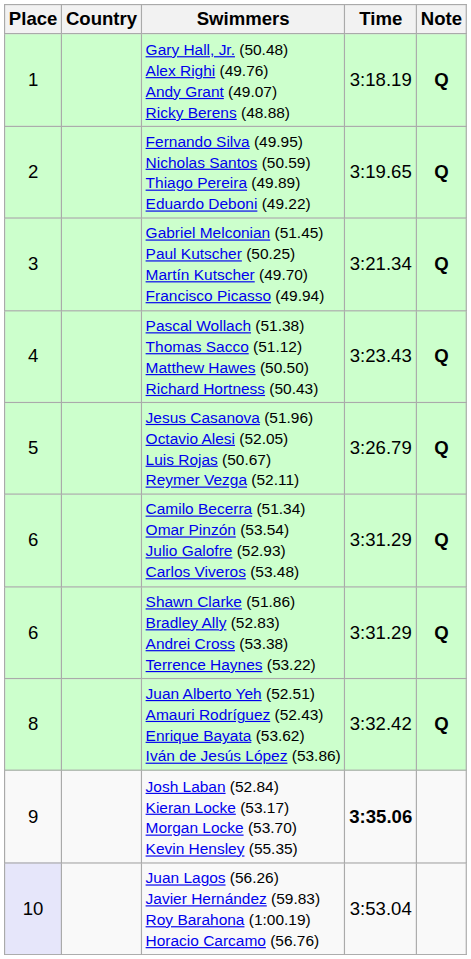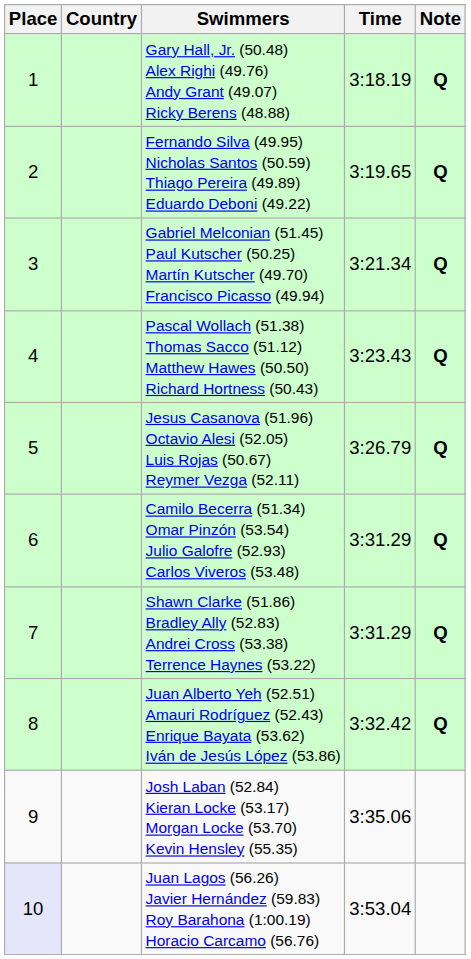 <table class="wikitable" style="text-align:center">
 <tr>
 <th>Place</th>
 <th>Country</th>
 <th>Swimmers</th>
 <th>Time</th>
 <th>Note</th>
 </tr>
 <tr bgcolor=ccffcc>
 <td>1</td>
 <td align=left></td>
 <td align=left><small> <a href='#'>Gary Hall, Jr.</a> (50.48)<br> <a href='#'>Alex Righi</a> (49.76) <br> <a href='#'>Andy Grant</a> (49.07) <br> <a href='#'>Ricky Berens</a> (48.88) </small></td>
 <td>3:18.19</td>
 <td><strong>Q</strong></td>
 </tr>
 <tr bgcolor=ccffcc>
 <td>2</td>
 <td align=left></td>
 <td align=left><small> <a href='#'>Fernando Silva</a> (49.95) <br> <a href='#'>Nicholas Santos</a> (50.59) <br> <a href='#'>Thiago Pereira</a> (49.89) <br> <a href='#'>Eduardo Deboni</a> (49.22)</small></td>
 <td>3:19.65</td>
 <td><strong>Q</strong></td>
 </tr>
 <tr bgcolor=ccffcc>
 <td>3</td>
 <td align=left></td>
 <td align=left><small> <a href='#'>Gabriel Melconian</a> (51.45) <br> <a href='#'>Paul Kutscher</a> (50.25) <br> <a href='#'>Martín Kutscher</a> (49.70) <br> <a href='#'>Francisco Picasso</a> (49.94)</small></td>
 <td>3:21.34</td>
 <td><strong>Q</strong></td>
 </tr>
 <tr bgcolor=ccffcc>
 <td>4</td>
 <td align=left></td>
 <td align=left><small> <a href='#'>Pascal Wollach</a> (51.38) <br> <a href='#'>Thomas Sacco</a> (51.12) <br> <a href='#'>Matthew Hawes</a> (50.50) <br> <a href='#'>Richard Hortness</a> (50.43)</small></td>
 <td>3:23.43</td>
 <td><strong>Q</strong></td>
 </tr>
 <tr bgcolor=ccffcc>
 <td>5</td>
 <td align=left></td>
 <td align=left><small> <a href='#'>Jesus Casanova</a> (51.96) <br> <a href='#'>Octavio Alesi</a> (52.05) <br> <a href='#'>Luis Rojas</a> (50.67) <br> <a href='#'>Reymer Vezga</a> (52.11)</small></td>
 <td>3:26.79</td>
 <td><strong>Q</strong></td>
 </tr>
 <tr bgcolor=ccffcc>
 <td>6</td>
 <td align=left></td>
 <td align=left><small> <a href='#'>Camilo Becerra</a> (51.34) <br> <a href='#'>Omar Pinzón</a> (53.54) <br> <a href='#'>Julio Galofre</a> (52.93) <br> <a href='#'>Carlos Viveros</a> (53.48)</small></td>
 <td>3:31.29</td>
 <td><strong>Q</strong></td>
 </tr>
 <tr bgcolor=ccffcc>
-<td>6</td>
+<td>7</td>
 <td align=left></td>
 <td align=left><small> <a href='#'>Shawn Clarke</a> (51.86) <br> <a href='#'>Bradley Ally</a> (52.83) <br> <a href='#'>Andrei Cross</a> (53.38) <br> <a href='#'>Terrence Haynes</a> (53.22)</small></td>
 <td>3:31.29</td>
 <td><strong>Q</strong></td>
 </tr>
 <tr bgcolor=ccffcc>
 <td>8</td>
 <td align=left></td>
 <td align=left><small> <a href='#'>Juan Alberto Yeh</a> (52.51) <br> <a href='#'>Amauri Rodríguez</a> (52.43) <br> <a href='#'>Enrique Bayata</a> (53.62) <br> <a href='#'>Iván de Jesús López</a> (53.86)</small></td>
 <td>3:32.42</td>
 <td><strong>Q</strong></td>
 </tr>
 <tr>
 <td>9</td>
 <td align=left></td>
 <td align=left><small> <a href='#'>Josh Laban</a> (52.84) <br> <a href='#'>Kieran Locke</a> (53.17) <br> <a href='#'>Morgan Locke</a> (53.70) <br> <a href='#'>Kevin Hensley</a> (55.35)</small></td>
-<td><strong>3:35.06</strong></td>
+<td>3:35.06</td>
 <td></td>
 </tr>
 <tr>
 <td style="background: lavender;">10</td>
 <td align=left></td>
 <td align=left><small> <a href='#'>Juan Lagos</a> (56.26) <br> <a href='#'>Javier Hernández</a> (59.83) <br> <a href='#'>Roy Barahona</a> (1:00.19) <br> <a href='#'>Horacio Carcamo</a> (56.76)</small></td>
 <td>3:53.04</td>
 <td></td>
 </tr>
 </table>
